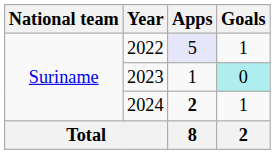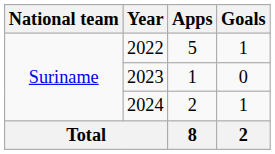 <table class="wikitable" style="text-align:center">
 <tr>
 <th>National team</th>
 <th>Year</th>
 <th>Apps</th>
 <th>Goals</th>
 </tr>
 <tr>
 <td rowspan="3"><a href='#'>Suriname</a></td>
 <td>2022</td>
-<td style="background: lavender;">5</td>
+<td>5</td>
 <td>1</td>
 </tr>
 <tr>
 <td>2023</td>
 <td>1</td>
-<td style="background: paleturquoise;">0</td>
+<td>0</td>
 </tr>
 <tr>
 <td>2024</td>
-<td><strong>2</strong></td>
+<td>2</td>
 <td>1</td>
 </tr>
 <tr>
 <th colspan="2">Total</th>
 <th>8</th>
 <th>2</th>
 </tr>
 </table>
